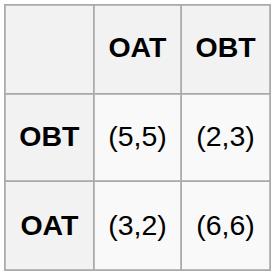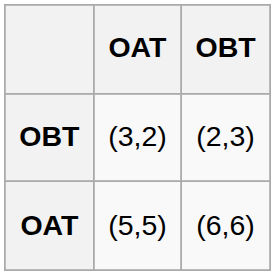 <table class="wikitable" style="text-align:center; width:150px; height:150px" border="1">
 <tr>
 <th></th>
 <th>OAT</th>
 <th>OBT</th>
 </tr>
 <tr>
 <th>OBT</th>
-<td>(5,5)</td>
+<td>(3,2)</td>
 <td>(2,3)</td>
 </tr>
 <tr>
 <th>OAT</th>
-<td>(3,2)</td>
+<td>(5,5)</td>
 <td>(6,6)</td>
 </tr>
 </table>
